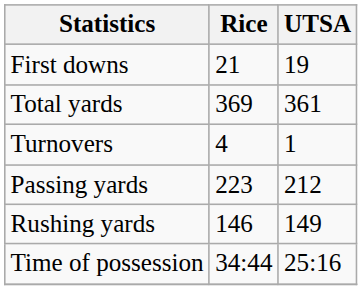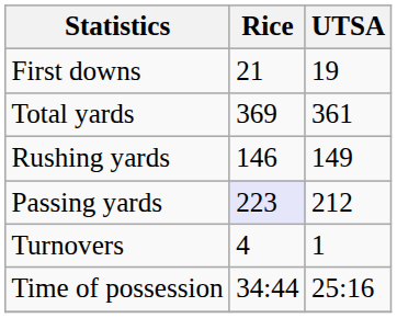 <table class="wikitable" style="float: left;">
 <tr>
 <th>Statistics</th>
 <th>Rice</th>
 <th>UTSA</th>
 </tr>
 <tr>
 <td>First downs</td>
 <td>21</td>
 <td>19</td>
 </tr>
 <tr>
 <td>Total yards</td>
 <td>369</td>
 <td>361</td>
 </tr>
 <tr>
+<td>Rushing yards</td>
+<td>146</td>
+<td>149</td>
+</tr>
+<tr>
+<td>Passing yards</td>
+<td style="background: lavender;">223</td>
+<td>212</td>
+</tr>
+<tr>
 <td>Turnovers</td>
 <td>4</td>
 <td>1</td>
-</tr>
-<tr>
-<td>Passing yards</td>
-<td>223</td>
-<td>212</td>
-</tr>
-<tr>
-<td>Rushing yards</td>
-<td>146</td>
-<td>149</td>
 </tr>
 <tr>
 <td>Time of possession</td>
 <td>34:44</td>
 <td>25:16</td>
 </tr>
 <tr>
 </tr>
 </table>
